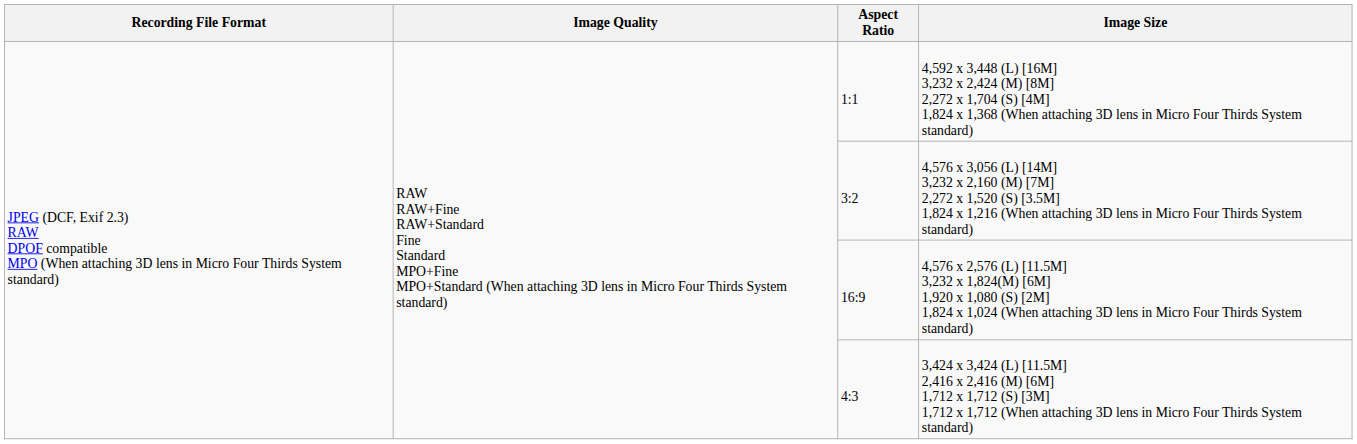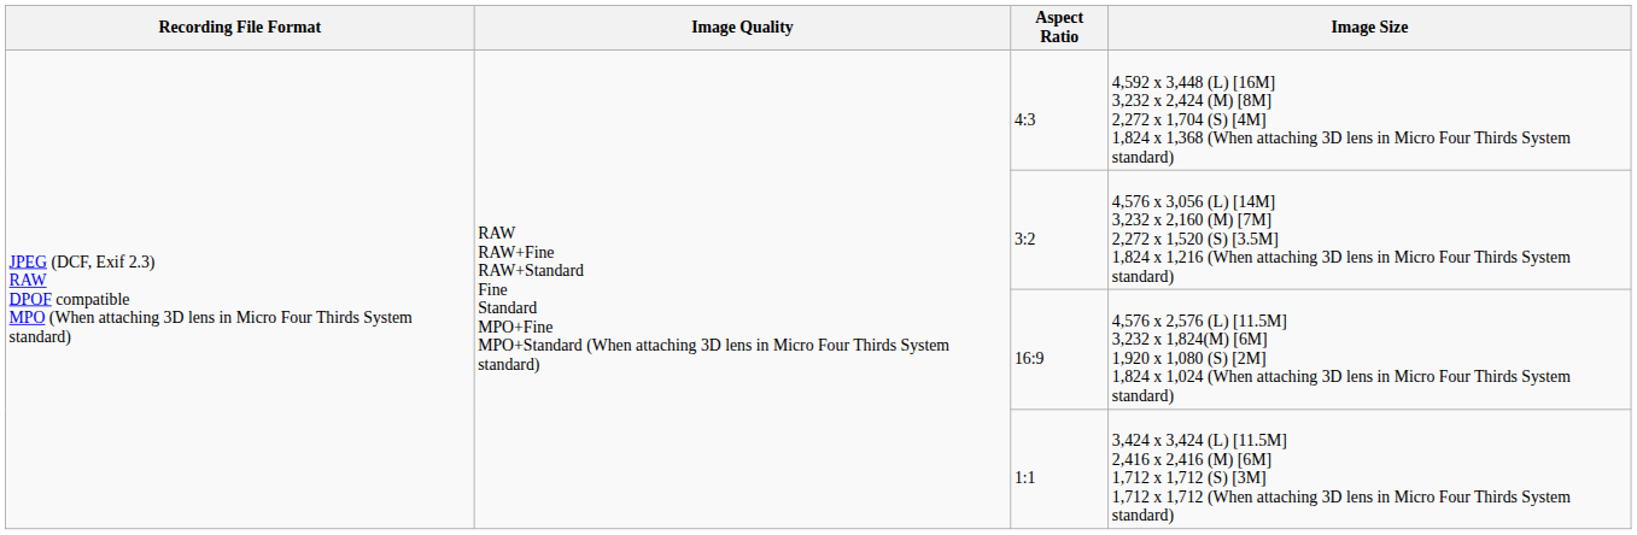 <table class="wikitable plainlinks">
 <tr>
 <th>Recording File Format</th>
 <th>Image Quality</th>
 <th>Aspect Ratio</th>
 <th>Image Size</th>
 </tr>
 <tr>
 <td rowspan="4"><br><a href='#'>JPEG</a> (DCF, Exif 2.3)<br> <a href='#'>RAW</a><br> <a href='#'>DPOF</a> compatible<br> <a href='#'>MPO</a> (When attaching 3D lens in Micro Four Thirds System standard)</td>
 <td rowspan="4"><br>RAW<br> RAW+Fine<br> RAW+Standard<br> Fine<br> Standard<br> MPO+Fine<br> MPO+Standard (When attaching 3D lens in Micro Four Thirds System standard)</td>
-<td><br>1:1</td>
+<td><br>4:3</td>
 <td><br>4,592 x 3,448 (L) [16M]<br> 3,232 x 2,424 (M) [8M]<br> 2,272 x 1,704 (S) [4M]<br> 1,824 x 1,368 (When attaching 3D lens in Micro Four Thirds System standard)</td>
 </tr>
 <tr>
 <td><br>3:2</td>
 <td><br>4,576 x 3,056 (L) [14M]<br> 3,232 x 2,160 (M) [7M]<br> 2,272 x 1,520 (S) [3.5M]<br> 1,824 x 1,216 (When attaching 3D lens in Micro Four Thirds System standard)</td>
 </tr>
 <tr>
 <td><br>16:9</td>
 <td><br>4,576 x 2,576 (L) [11.5M]<br> 3,232 x 1,824(M) [6M]<br> 1,920 x 1,080 (S) [2M]<br> 1,824 x 1,024 (When attaching 3D lens in Micro Four Thirds System standard)</td>
 </tr>
 <tr>
-<td><br>4:3</td>
+<td><br>1:1</td>
 <td><br>3,424 x 3,424 (L) [11.5M]<br> 2,416 x 2,416 (M) [6M]<br> 1,712 x 1,712 (S) [3M]<br> 1,712 x 1,712 (When attaching 3D lens in Micro Four Thirds System standard)</td>
 </tr>
 </table>
